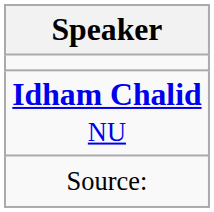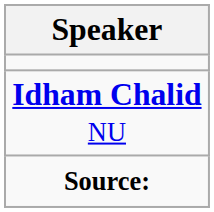 <table class="wikitable" style="text-align: center">
 <tr>
 <th>Speaker</th>
 </tr>
 <tr>
 <td></td>
 </tr>
 <tr>
 <td><strong><a href='#'>Idham Chalid</a></strong><br><small><a href='#'>NU</a></small></td>
 </tr>
 <tr>
-<td><small>Source:</small></td>
+<td><strong><small>Source:</small></strong></td>
 </tr>
 </table>
